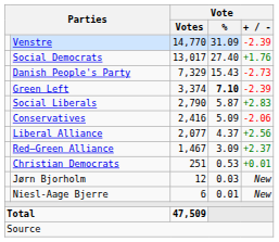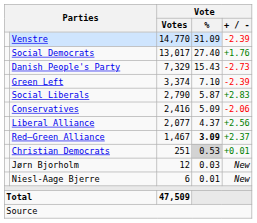 <table class="wikitable" style="text-align:right;">
 <tr>
 <th style="text-align:centre;" rowspan="2" colspan="2" width="225">Parties</th>
 <th colspan="3">Vote</th>
 </tr>
 <tr>
 <th width="15">Votes</th>
 <th width="15">%</th>
 <th width="15">+ / -</th>
 </tr>
 <tr>
 <td width="2" style="color:inherit;background:"></td>
 <td bgcolor=#cfe5fe  align="left"><a href='#'>Venstre</a></td>
 <td bgcolor=#cfe5fe>14,770</td>
 <td bgcolor=#cfe5fe>31.09</td>
 <td style=color:red;>-2.39</td>
 </tr>
 <tr>
 <td width="2" style="color:inherit;background:"></td>
 <td align="left"><a href='#'>Social Democrats</a></td>
 <td>13,017</td>
 <td>27.40</td>
 <td style=color:green;>+1.76</td>
 </tr>
 <tr>
 <td width="2" style="color:inherit;background:"></td>
 <td align="left"><a href='#'>Danish People's Party</a></td>
 <td>7,329</td>
 <td>15.43</td>
 <td style=color:red;>-2.73</td>
 </tr>
 <tr>
 <td width="2" style="color:inherit;background:"></td>
 <td align="left"><a href='#'>Green Left</a></td>
 <td>3,374</td>
-<td><strong>7.10</strong></td>
+<td>7.10</td>
 <td style=color:red;>-2.39</td>
 </tr>
 <tr>
 <td width="2" style="color:inherit;background:"></td>
 <td align="left"><a href='#'>Social Liberals</a></td>
 <td>2,790</td>
 <td>5.87</td>
 <td style=color:green;>+2.83</td>
 </tr>
 <tr>
 <td width="2" style="color:inherit;background:"></td>
 <td align="left"><a href='#'>Conservatives</a></td>
 <td>2,416</td>
 <td>5.09</td>
 <td style=color:red;>-2.06</td>
 </tr>
 <tr>
 <td width="2" style="color:inherit;background:"></td>
 <td align="left"><a href='#'>Liberal Alliance</a></td>
 <td>2,077</td>
 <td>4.37</td>
 <td style=color:green;>+2.56</td>
 </tr>
 <tr>
 <td width="2" style="color:inherit;background:"></td>
 <td align="left"><a href='#'>Red–Green Alliance</a></td>
 <td>1,467</td>
-<td>3.09</td>
+<td><strong>3.09</strong></td>
 <td style=color:green;>+2.37</td>
 </tr>
 <tr>
 <td width="2" style="color:inherit;background:"></td>
 <td align="left"><a href='#'>Christian Democrats</a></td>
 <td>251</td>
-<td>0.53</td>
+<td style="background: lightgrey;">0.53</td>
 <td style=color:green;>+0.01</td>
 </tr>
 <tr>
 <td width="2" style="color:inherit;background:"></td>
 <td align="left">Jørn Bjorholm</td>
 <td>12</td>
 <td>0.03</td>
 <td><em>New</em></td>
 </tr>
 <tr>
 <td width="2" style="color:inherit;background:"></td>
 <td align="left">Niesl-Aage Bjerre</td>
 <td>6</td>
 <td>0.01</td>
 <td><em>New</em></td>
 </tr>
 <tr>
 <td colspan="7" bgcolor="#E9E9E9"></td>
 </tr>
 <tr>
 <td align="left" colspan="2"><strong>Total</strong></td>
 <td><strong>47,509</strong></td>
 <td bgcolor="#E9E9E9" colspan="2"></td>
 </tr>
 <tr>
 <td align="left" colspan="6">Source</td>
 </tr>
 </table>
